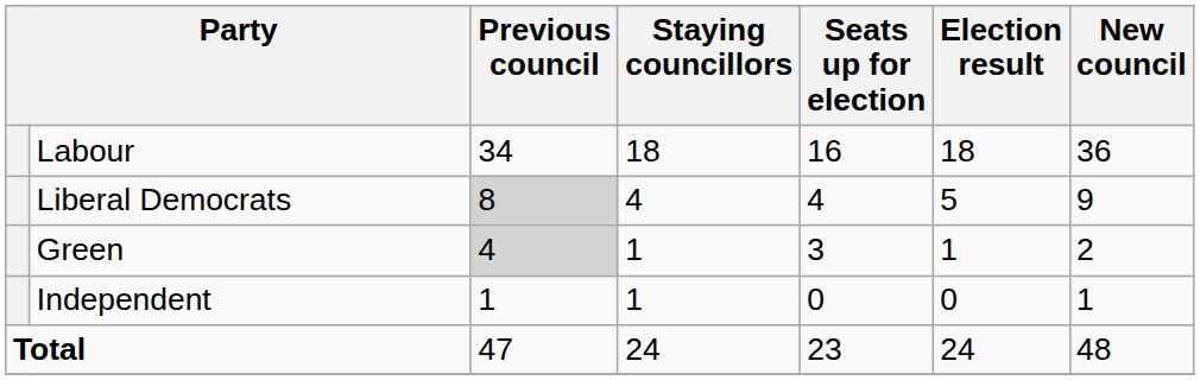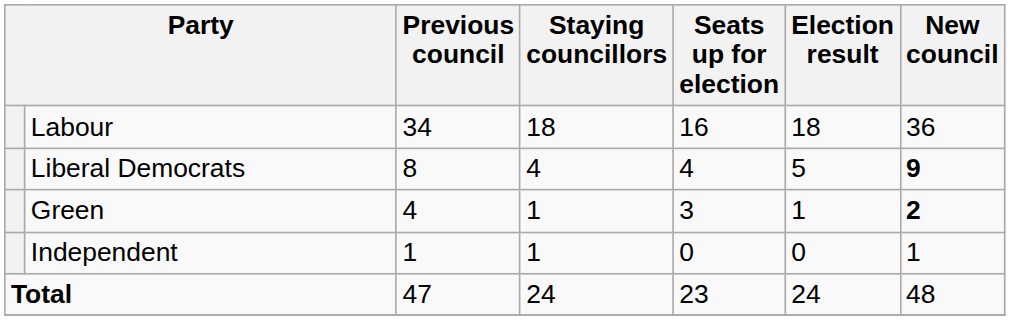 <table class="wikitable">
 <tr>
 <th valign=top colspan="2" style="width: 230px">Party</th>
 <th valign=top style="width: 30px">Previous council</th>
 <th valign=top style="width: 30px">Staying councillors</th>
 <th valign=top style="width: 30px">Seats up for election</th>
 <th valign=top style="width: 30px">Election result</th>
 <th valign=top style="width: 30px">New council</th>
 </tr>
 <tr>
 <th style="background-color: "></th>
 <td>Labour</td>
 <td>34</td>
 <td>18</td>
 <td>16</td>
 <td>18</td>
 <td>36</td>
 </tr>
 <tr>
 <th style="background-color: "></th>
 <td>Liberal Democrats</td>
-<td style="background: lightgrey;">8</td>
+<td>8</td>
 <td>4</td>
 <td>4</td>
 <td>5</td>
-<td>9</td>
+<td><strong>9</strong></td>
 </tr>
 <tr>
 <th style="background-color: "></th>
 <td>Green</td>
-<td style="background: lightgrey;">4</td>
+<td>4</td>
 <td>1</td>
 <td>3</td>
 <td>1</td>
-<td>2</td>
+<td><strong>2</strong></td>
 </tr>
 <tr>
 <th style="background-color: "></th>
 <td>Independent</td>
 <td>1</td>
 <td>1</td>
 <td>0</td>
 <td>0</td>
 <td>1</td>
 </tr>
 <tr>
 <td colspan="2"><strong>Total</strong></td>
 <td>47</td>
 <td>24</td>
 <td>23</td>
 <td>24</td>
 <td>48</td>
 </tr>
 <tr>
 </tr>
 </table>
